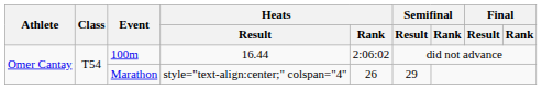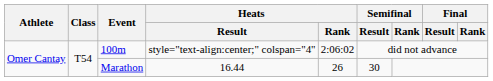 <table class=wikitable style="font-size:90%">
 <tr>
 <th rowspan="2">Athlete</th>
 <th rowspan="2">Class</th>
 <th rowspan="2">Event</th>
 <th colspan="2">Heats</th>
 <th colspan="2">Semifinal</th>
 <th colspan="2">Final</th>
 </tr>
 <tr>
 <th>Result</th>
 <th>Rank</th>
 <th>Result</th>
 <th>Rank</th>
 <th>Result</th>
 <th>Rank</th>
 </tr>
 <tr>
 <td rowspan="2"><a href='#'>Omer Cantay</a></td>
 <td rowspan="2" style="text-align:center;">T54</td>
 <td><a href='#'>100m</a></td>
-<td style="text-align:center;">16.44</td>
+<td>style="text-align:center;" colspan="4" </td>
 <td style="text-align:center;">2:06:02</td>
 <td style="text-align:center;" colspan="4">did not advance</td>
 </tr>
 <tr>
 <td><a href='#'>Marathon</a></td>
-<td>style="text-align:center;" colspan="4" </td>
+<td style="text-align:center;">16.44</td>
 <td style="text-align:center;">26</td>
-<td style="text-align:center;">29</td>
+<td style="text-align:center;">30</td>
 </tr>
 </table>
